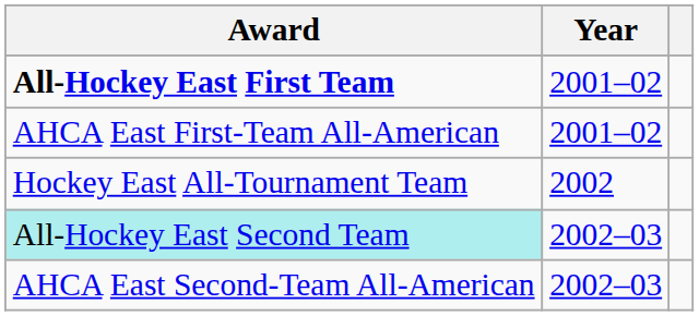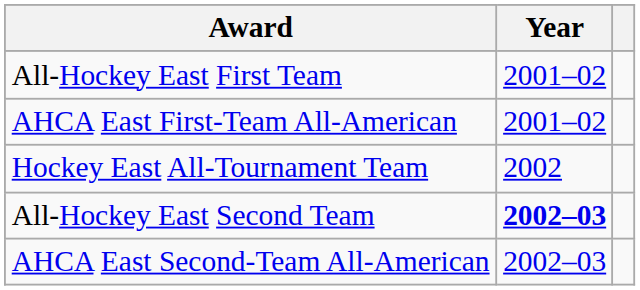 <table class="wikitable">
 <tr>
 <th>Award</th>
 <th>Year</th>
 <th> </th>
 </tr>
 <tr>
-<td><strong>All-<a href='#'>Hockey East</a> <a href='#'>First Team</a></strong></td>
+<td>All-<a href='#'>Hockey East</a> <a href='#'>First Team</a></td>
 <td><a href='#'>2001–02</a></td>
 <td></td>
 </tr>
 <tr>
 <td><a href='#'>AHCA</a> <a href='#'>East First-Team All-American</a></td>
 <td><a href='#'>2001–02</a></td>
 <td></td>
 </tr>
 <tr>
 <td><a href='#'>Hockey East</a> <a href='#'>All-Tournament Team</a></td>
 <td><a href='#'>2002</a></td>
 <td></td>
 </tr>
 <tr>
-<td style="background: paleturquoise;">All-<a href='#'>Hockey East</a> <a href='#'>Second Team</a></td>
-<td><a href='#'>2002–03</a></td>
+<td>All-<a href='#'>Hockey East</a> <a href='#'>Second Team</a></td>
+<td><strong><a href='#'>2002–03</a></strong></td>
 <td></td>
 </tr>
 <tr>
 <td><a href='#'>AHCA</a> <a href='#'>East Second-Team All-American</a></td>
 <td><a href='#'>2002–03</a></td>
 <td></td>
 </tr>
 </table>
